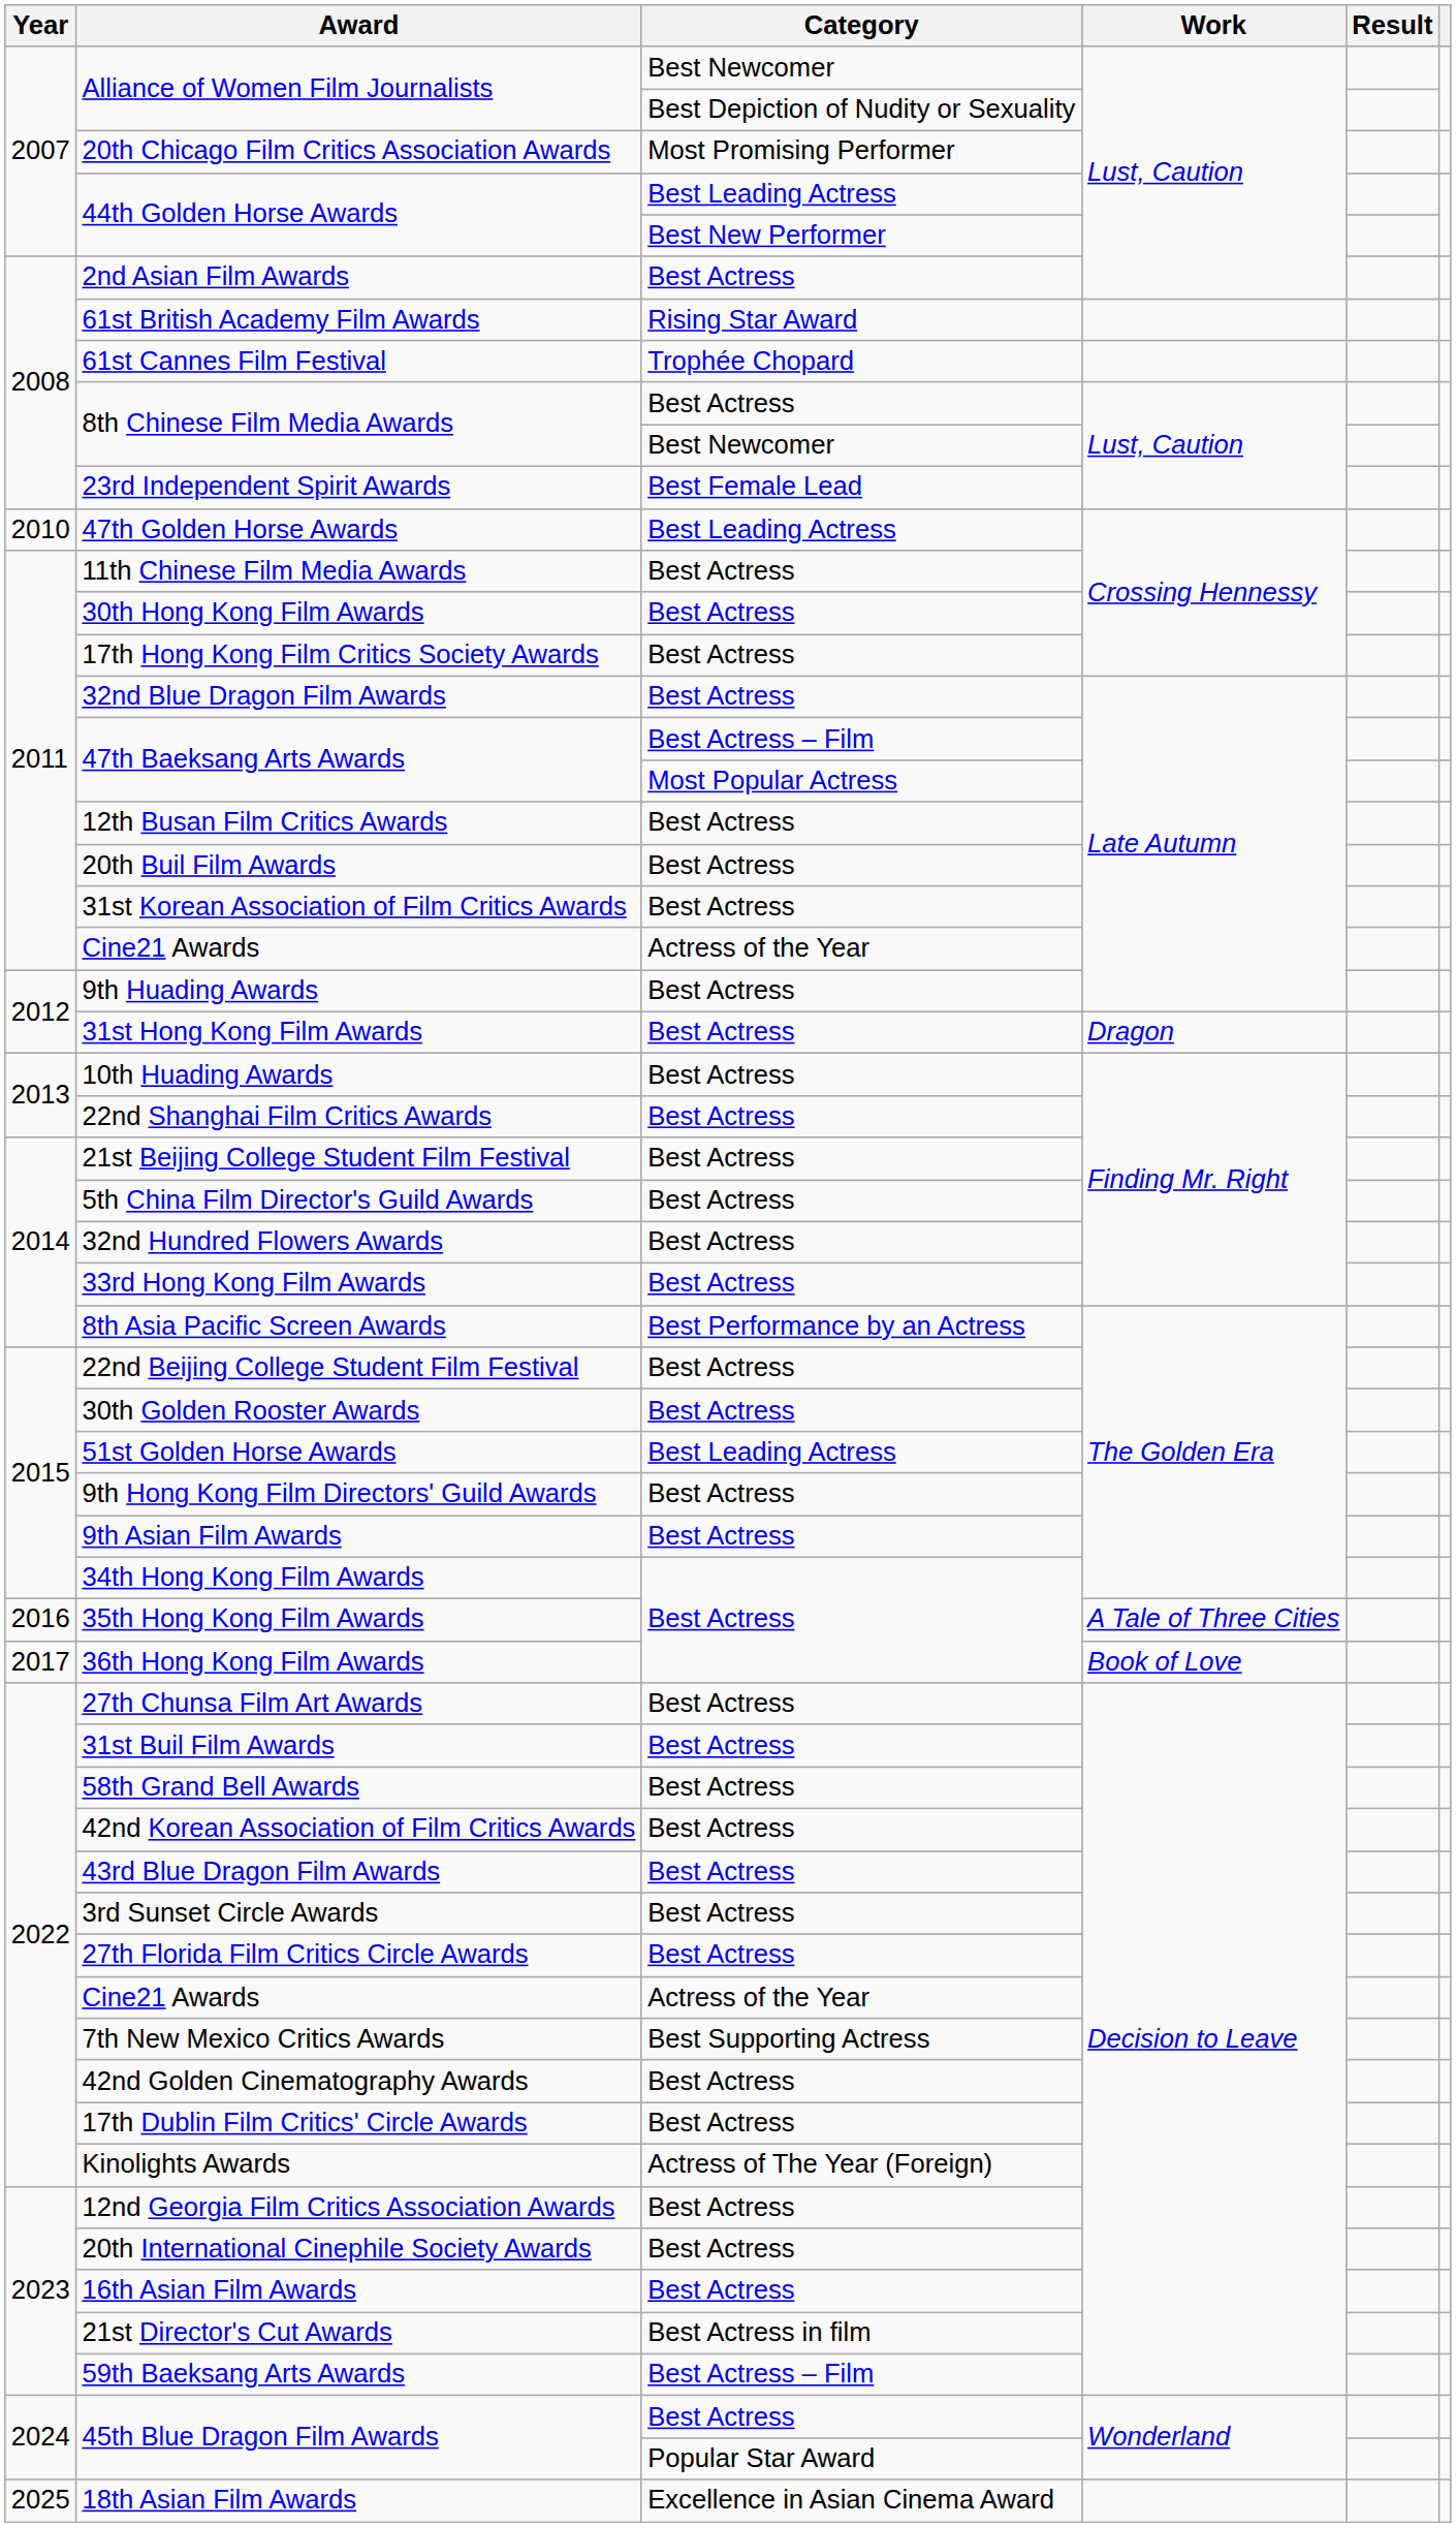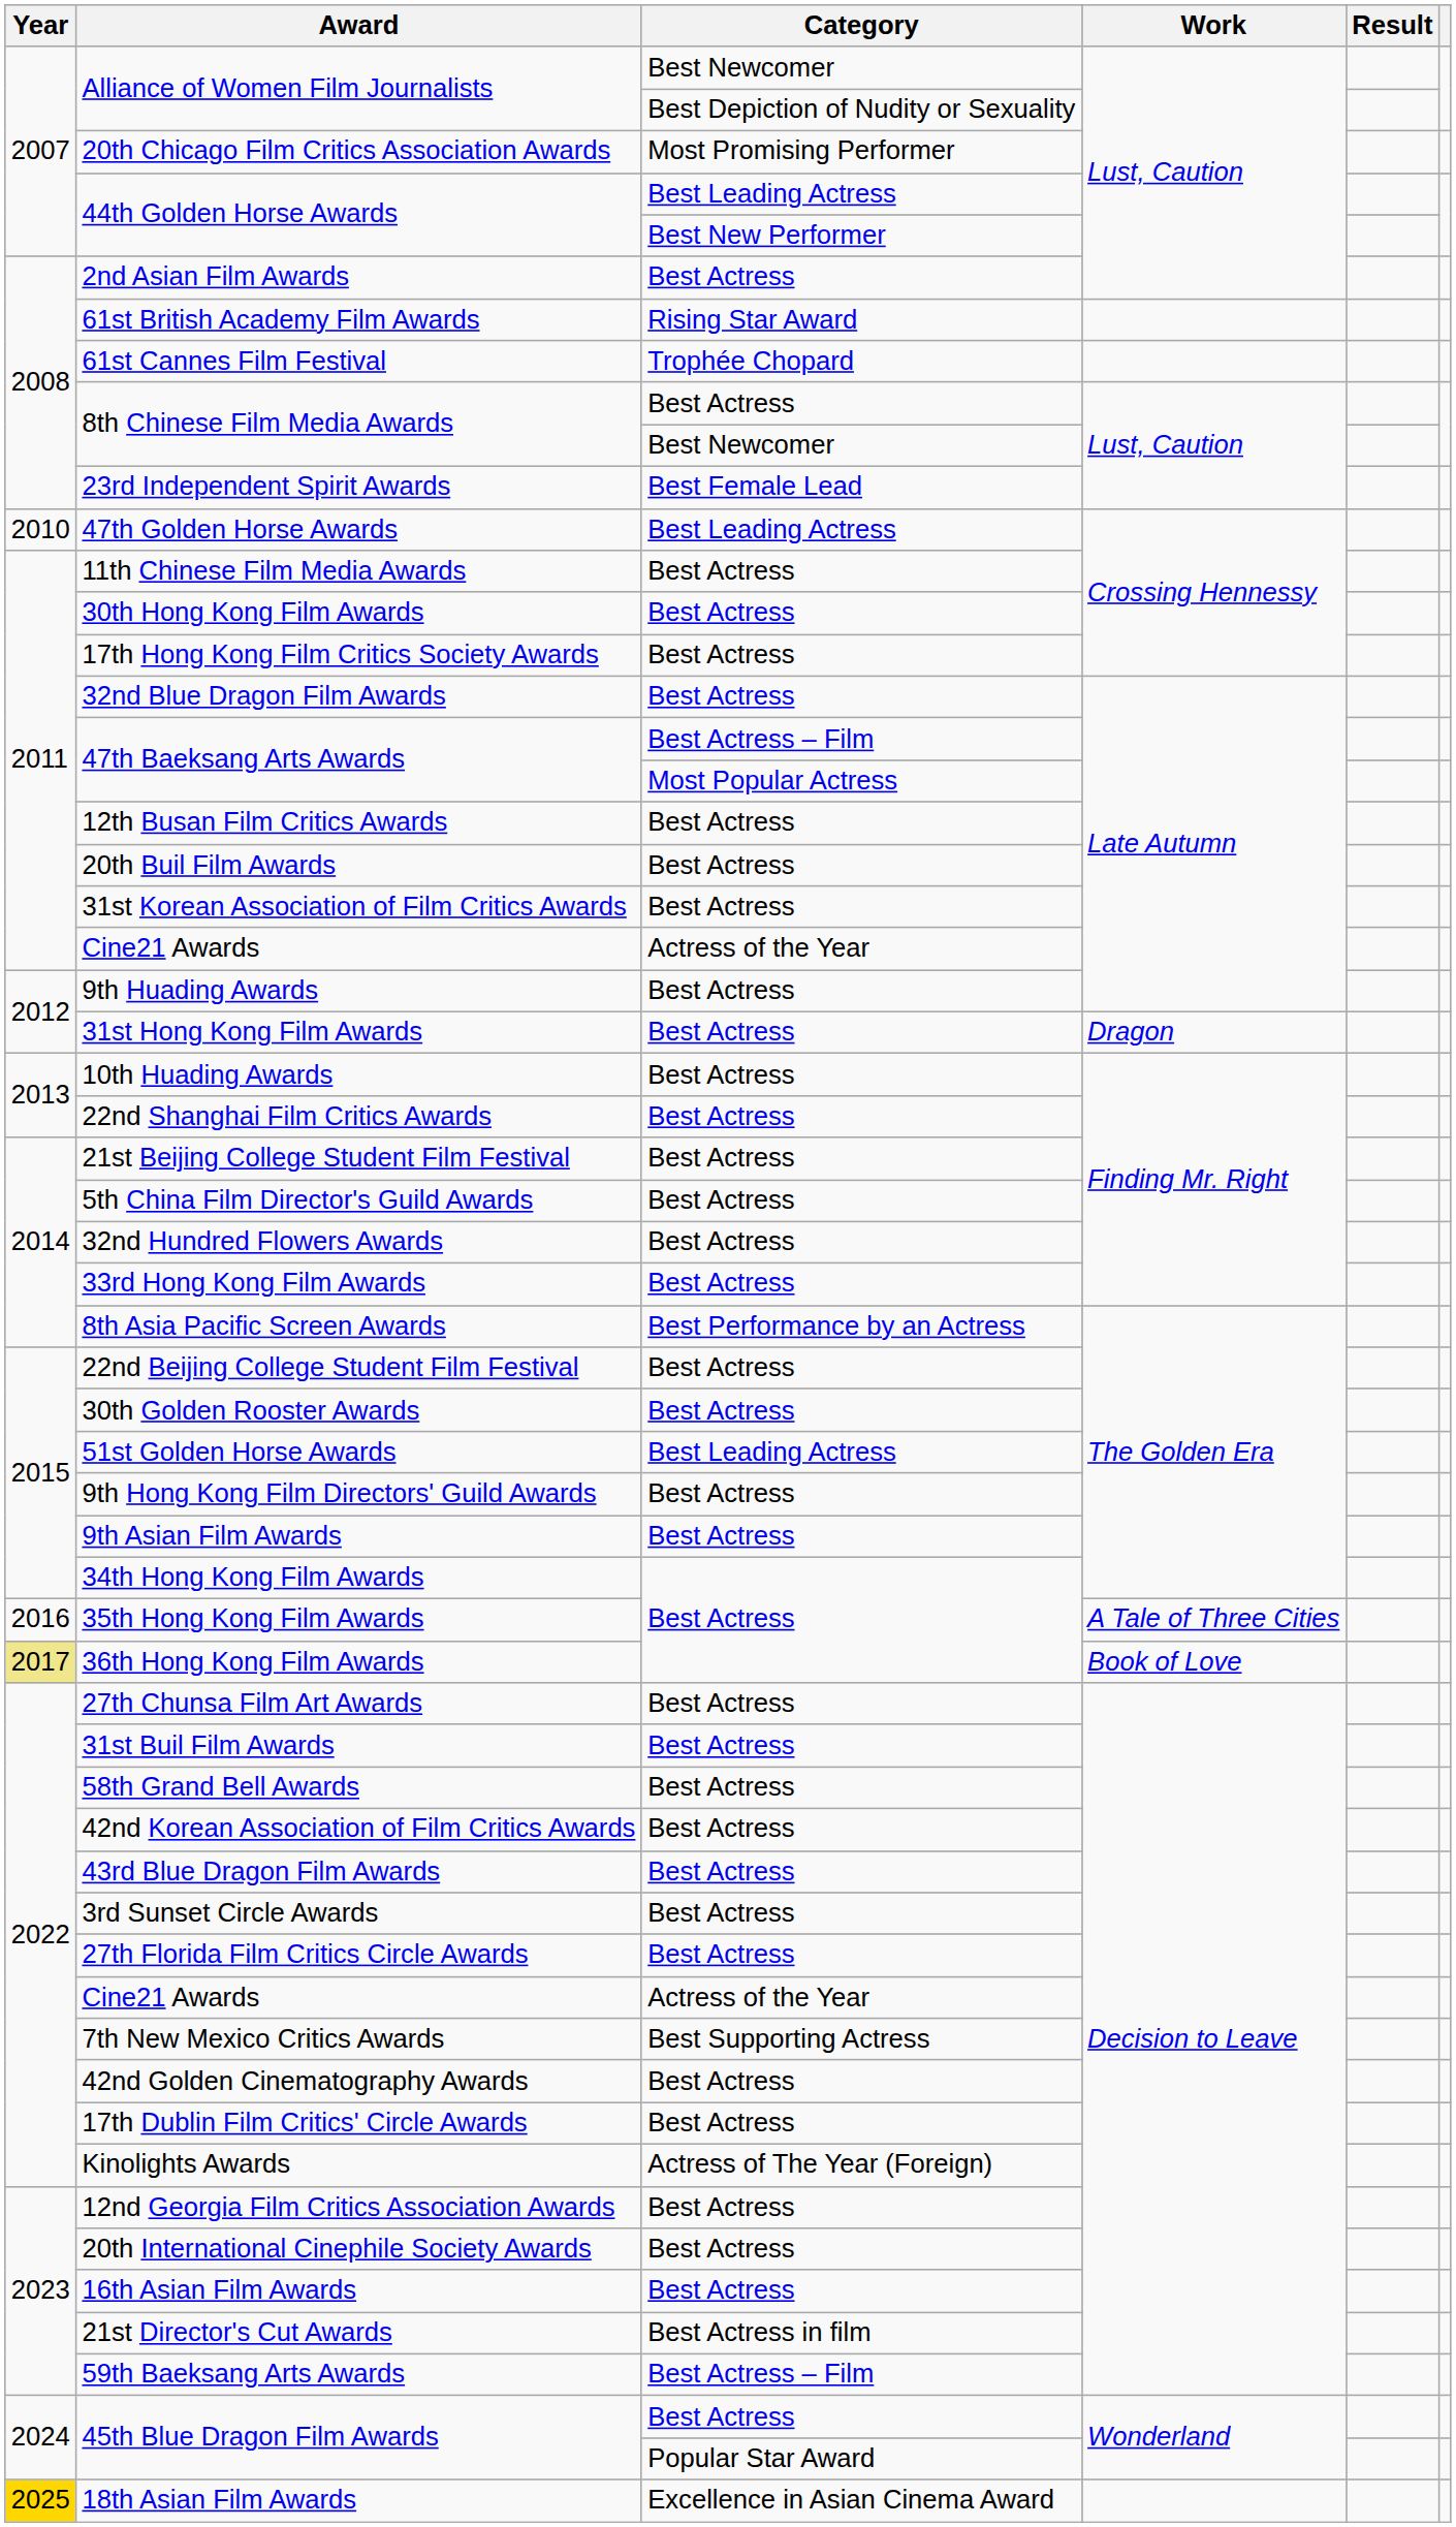 <table class="wikitable sortable">
 <tr>
 <th>Year</th>
 <th>Award</th>
 <th>Category</th>
 <th>Work</th>
 <th>Result</th>
 <th class="unsortable"></th>
 </tr>
 <tr>
 <td rowspan="5">2007</td>
 <td rowspan="2"><a href='#'>Alliance of Women Film Journalists</a></td>
 <td>Best Newcomer</td>
 <td rowspan="6"><em><a href='#'>Lust, Caution</a></em></td>
 <td></td>
 <td rowspan="2"></td>
 </tr>
 <tr>
 <td>Best Depiction of Nudity or Sexuality</td>
 <td></td>
 </tr>
 <tr>
 <td><a href='#'>20th Chicago Film Critics Association Awards</a></td>
 <td>Most Promising Performer</td>
 <td></td>
 <td></td>
 </tr>
 <tr>
 <td rowspan="2"><a href='#'>44th Golden Horse Awards</a></td>
 <td><a href='#'>Best Leading Actress</a></td>
 <td></td>
 <td rowspan="2"></td>
 </tr>
 <tr>
 <td><a href='#'>Best New Performer</a></td>
 <td></td>
 </tr>
 <tr>
 <td rowspan="6">2008</td>
 <td><a href='#'>2nd Asian Film Awards</a></td>
 <td><a href='#'>Best Actress</a></td>
 <td></td>
 <td></td>
 </tr>
 <tr>
 <td><a href='#'>61st British Academy Film Awards</a></td>
 <td><a href='#'>Rising Star Award</a></td>
 <td></td>
 <td></td>
 <td></td>
 </tr>
 <tr>
 <td><a href='#'>61st Cannes Film Festival</a></td>
 <td><a href='#'>Trophée Chopard</a></td>
 <td></td>
 <td></td>
 <td></td>
 </tr>
 <tr>
 <td rowspan="2">8th <a href='#'>Chinese Film Media Awards</a></td>
 <td>Best Actress</td>
 <td rowspan="3"><em><a href='#'>Lust, Caution</a></em></td>
 <td></td>
 <td rowspan="2"></td>
 </tr>
 <tr>
 <td>Best Newcomer</td>
 <td></td>
 </tr>
 <tr>
 <td><a href='#'>23rd Independent Spirit Awards</a></td>
 <td><a href='#'>Best Female Lead</a></td>
 <td></td>
 <td></td>
 </tr>
 <tr>
 <td>2010</td>
 <td><a href='#'>47th Golden Horse Awards</a></td>
 <td><a href='#'>Best Leading Actress</a></td>
 <td rowspan="4"><em><a href='#'>Crossing Hennessy</a></em></td>
 <td></td>
 <td></td>
 </tr>
 <tr>
 <td rowspan="10">2011</td>
 <td>11th <a href='#'>Chinese Film Media Awards</a></td>
 <td>Best Actress</td>
 <td></td>
 <td></td>
 </tr>
 <tr>
 <td><a href='#'>30th Hong Kong Film Awards</a></td>
 <td><a href='#'>Best Actress</a></td>
 <td></td>
 <td></td>
 </tr>
 <tr>
 <td>17th <a href='#'>Hong Kong Film Critics Society Awards</a></td>
 <td>Best Actress</td>
 <td></td>
 <td></td>
 </tr>
 <tr>
 <td><a href='#'>32nd Blue Dragon Film Awards</a></td>
 <td><a href='#'>Best Actress</a></td>
 <td rowspan="8"><em><a href='#'>Late Autumn</a></em></td>
 <td></td>
 <td></td>
 </tr>
 <tr>
 <td rowspan="2"><a href='#'>47th Baeksang Arts Awards</a></td>
 <td><a href='#'>Best Actress – Film</a></td>
 <td></td>
 <td></td>
 </tr>
 <tr>
 <td><a href='#'>Most Popular Actress</a></td>
 <td></td>
 <td></td>
 </tr>
 <tr>
 <td>12th <a href='#'>Busan Film Critics Awards</a></td>
 <td>Best Actress</td>
 <td></td>
 <td></td>
 </tr>
 <tr>
 <td>20th <a href='#'>Buil Film Awards</a></td>
 <td>Best Actress</td>
 <td></td>
 <td></td>
 </tr>
 <tr>
 <td>31st <a href='#'>Korean Association of Film Critics Awards</a></td>
 <td>Best Actress</td>
 <td></td>
 <td></td>
 </tr>
 <tr>
 <td><a href='#'>Cine21</a> Awards</td>
 <td>Actress of the Year</td>
 <td></td>
 <td></td>
 </tr>
 <tr>
 <td rowspan="2">2012</td>
 <td>9th <a href='#'>Huading Awards</a></td>
 <td>Best Actress</td>
 <td></td>
 <td></td>
 </tr>
 <tr>
 <td><a href='#'>31st Hong Kong Film Awards</a></td>
 <td><a href='#'>Best Actress</a></td>
 <td><em><a href='#'>Dragon</a></em></td>
 <td></td>
 <td></td>
 </tr>
 <tr>
 <td rowspan="2">2013</td>
 <td>10th <a href='#'>Huading Awards</a></td>
 <td>Best Actress</td>
 <td rowspan="6"><em><a href='#'>Finding Mr. Right</a></em></td>
 <td></td>
 <td></td>
 </tr>
 <tr>
 <td>22nd <a href='#'>Shanghai Film Critics Awards</a></td>
 <td><a href='#'>Best Actress</a></td>
 <td></td>
 <td></td>
 </tr>
 <tr>
 <td rowspan="5">2014</td>
 <td>21st <a href='#'>Beijing College Student Film Festival</a></td>
 <td>Best Actress</td>
 <td></td>
 <td></td>
 </tr>
 <tr>
 <td>5th <a href='#'>China Film Director's Guild Awards</a></td>
 <td>Best Actress</td>
 <td></td>
 <td></td>
 </tr>
 <tr>
 <td>32nd <a href='#'>Hundred Flowers Awards</a></td>
 <td>Best Actress</td>
 <td></td>
 <td></td>
 </tr>
 <tr>
 <td><a href='#'>33rd Hong Kong Film Awards</a></td>
 <td><a href='#'>Best Actress</a></td>
 <td></td>
 <td></td>
 </tr>
 <tr>
 <td><a href='#'>8th Asia Pacific Screen Awards</a></td>
 <td><a href='#'>Best Performance by an Actress</a></td>
 <td rowspan="7"><em><a href='#'>The Golden Era</a></em></td>
 <td></td>
 <td></td>
 </tr>
 <tr>
 <td rowspan="6">2015</td>
 <td>22nd <a href='#'>Beijing College Student Film Festival</a></td>
 <td>Best Actress</td>
 <td></td>
 <td></td>
 </tr>
 <tr>
 <td>30th <a href='#'>Golden Rooster Awards</a></td>
 <td><a href='#'>Best Actress</a></td>
 <td></td>
 <td></td>
 </tr>
 <tr>
 <td><a href='#'>51st Golden Horse Awards</a></td>
 <td><a href='#'>Best Leading Actress</a></td>
 <td></td>
 <td></td>
 </tr>
 <tr>
 <td>9th <a href='#'>Hong Kong Film Directors' Guild Awards</a></td>
 <td>Best Actress</td>
 <td></td>
 <td></td>
 </tr>
 <tr>
 <td><a href='#'>9th Asian Film Awards</a></td>
 <td><a href='#'>Best Actress</a></td>
 <td></td>
 <td></td>
 </tr>
 <tr>
 <td><a href='#'>34th Hong Kong Film Awards</a></td>
 <td rowspan="3"><a href='#'>Best Actress</a></td>
 <td></td>
 <td></td>
 </tr>
 <tr>
 <td>2016</td>
 <td><a href='#'>35th Hong Kong Film Awards</a></td>
 <td><em><a href='#'>A Tale of Three Cities</a></em></td>
 <td></td>
 <td></td>
 </tr>
 <tr>
-<td>2017</td>
+<td style="background: khaki;">2017</td>
 <td><a href='#'>36th Hong Kong Film Awards</a></td>
 <td><em><a href='#'>Book of Love</a></em></td>
 <td></td>
 <td></td>
 </tr>
 <tr>
 <td rowspan="12">2022</td>
 <td><a href='#'>27th Chunsa Film Art Awards</a></td>
 <td>Best Actress</td>
 <td rowspan="17"><em><a href='#'>Decision to Leave</a></em></td>
 <td></td>
 <td></td>
 </tr>
 <tr>
 <td><a href='#'>31st Buil Film Awards</a></td>
 <td><a href='#'>Best Actress</a></td>
 <td></td>
 <td></td>
 </tr>
 <tr>
 <td><a href='#'>58th Grand Bell Awards</a></td>
 <td Best Leading Actress>Best Actress</td>
 <td></td>
 <td></td>
 </tr>
 <tr>
 <td>42nd <a href='#'>Korean Association of Film Critics Awards</a></td>
 <td Best Actress>Best Actress</td>
 <td></td>
 <td></td>
 </tr>
 <tr>
 <td><a href='#'>43rd Blue Dragon Film Awards</a></td>
 <td><a href='#'>Best Actress</a></td>
 <td></td>
 <td></td>
 </tr>
 <tr>
 <td>3rd Sunset Circle Awards</td>
 <td>Best Actress</td>
 <td></td>
 <td></td>
 </tr>
 <tr>
 <td><a href='#'>27th Florida Film Critics Circle Awards</a></td>
 <td><a href='#'>Best Actress</a></td>
 <td></td>
 <td></td>
 </tr>
 <tr>
 <td><a href='#'>Cine21</a> Awards</td>
 <td>Actress of the Year</td>
 <td></td>
 <td></td>
 </tr>
 <tr>
 <td>7th New Mexico Critics Awards</td>
 <td>Best Supporting Actress</td>
 <td></td>
 <td></td>
 </tr>
 <tr>
 <td>42nd Golden Cinematography Awards</td>
 <td>Best Actress</td>
 <td></td>
 <td></td>
 </tr>
 <tr>
 <td>17th <a href='#'>Dublin Film Critics' Circle Awards</a></td>
 <td>Best Actress</td>
 <td></td>
 <td></td>
 </tr>
 <tr>
 <td>Kinolights Awards</td>
 <td>Actress of The Year (Foreign)</td>
 <td></td>
 <td></td>
 </tr>
 <tr>
 <td rowspan="5">2023</td>
 <td>12nd <a href='#'>Georgia Film Critics Association Awards</a></td>
 <td>Best Actress</td>
 <td></td>
 <td></td>
 </tr>
 <tr>
 <td>20th <a href='#'>International Cinephile Society Awards</a></td>
 <td>Best Actress</td>
 <td></td>
 <td></td>
 </tr>
 <tr>
 <td><a href='#'>16th Asian Film Awards</a></td>
 <td><a href='#'>Best Actress</a></td>
 <td></td>
 <td></td>
 </tr>
 <tr>
 <td>21st <a href='#'>Director's Cut Awards</a></td>
 <td>Best Actress in film</td>
 <td></td>
 <td></td>
 </tr>
 <tr>
 <td><a href='#'>59th Baeksang Arts Awards</a></td>
 <td><a href='#'>Best Actress – Film</a></td>
 <td></td>
 <td></td>
 </tr>
 <tr>
 <td rowspan="2">2024</td>
 <td rowspan="2"><a href='#'>45th Blue Dragon Film Awards</a></td>
 <td><a href='#'>Best Actress</a></td>
 <td rowspan="2"><em><a href='#'>Wonderland</a></em></td>
 <td></td>
 <td></td>
 </tr>
 <tr>
 <td>Popular Star Award</td>
 <td></td>
 <td></td>
 </tr>
 <tr>
-<td>2025</td>
+<td style="background: gold;">2025</td>
 <td><a href='#'>18th Asian Film Awards</a></td>
 <td>Excellence in Asian Cinema Award</td>
 <td></td>
 <td></td>
 <td></td>
 </tr>
 <tr>
 </tr>
 </table>
